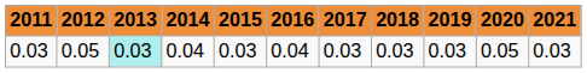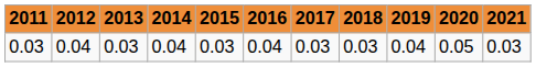 <table class="wikitable" border="1">
 <tr align="center" style="background:#ef8e39;">
 <td><strong>2011</strong></td>
 <td><strong>2012</strong></td>
 <td><strong>2013</strong></td>
 <td><strong>2014</strong></td>
 <td><strong>2015</strong></td>
 <td><strong>2016</strong></td>
 <td><strong>2017</strong></td>
 <td><strong>2018</strong></td>
 <td><strong>2019</strong></td>
 <td><strong>2020</strong></td>
 <td><strong>2021</strong></td>
 </tr>
 <tr>
 <td>0.03</td>
-<td>0.05</td>
-<td style="background: paleturquoise;">0.03</td>
+<td>0.04</td>
+<td>0.03</td>
 <td>0.04</td>
 <td>0.03</td>
 <td>0.04</td>
 <td>0.03</td>
 <td>0.03</td>
-<td>0.03</td>
+<td>0.04</td>
 <td>0.05</td>
 <td>0.03</td>
 </tr>
 </table>
